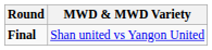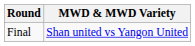 <table class="wikitable">
 <tr>
 <th>Round</th>
 <th>MWD & MWD Variety</th>
 </tr>
 <tr>
-<td><strong>Final</strong></td>
+<td>Final</td>
 <td colspan=2 align=center><a href='#'>Shan united vs Yangon United</a></td>
 </tr>
 </table>
